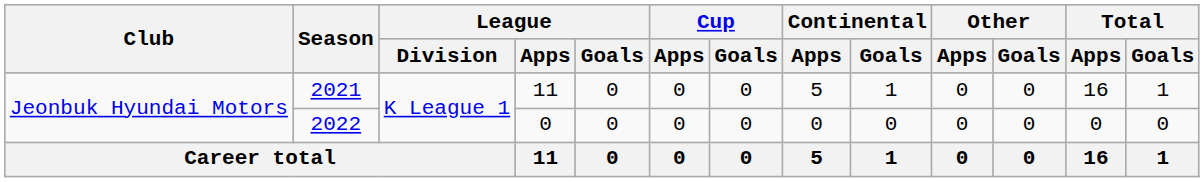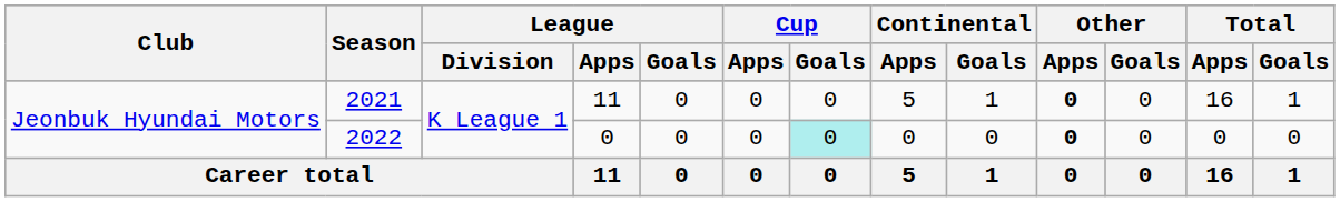 <table class="wikitable" style="text-align: center">
 <tr>
 <th rowspan="2">Club</th>
 <th rowspan="2">Season</th>
 <th colspan="3">League</th>
 <th colspan="2"><a href='#'>Cup</a></th>
 <th colspan="2">Continental</th>
 <th colspan="2">Other</th>
 <th colspan="2">Total</th>
 </tr>
 <tr>
 <th>Division</th>
 <th>Apps</th>
 <th>Goals</th>
 <th>Apps</th>
 <th>Goals</th>
 <th>Apps</th>
 <th>Goals</th>
 <th>Apps</th>
 <th>Goals</th>
 <th>Apps</th>
 <th>Goals</th>
 </tr>
 <tr>
 <td rowspan=2><a href='#'>Jeonbuk Hyundai Motors</a></td>
 <td><a href='#'>2021</a></td>
 <td rowspan=2><a href='#'>K League 1</a></td>
 <td>11</td>
 <td>0</td>
 <td>0</td>
 <td>0</td>
 <td>5</td>
 <td>1</td>
-<td>0</td>
+<td><strong>0</strong></td>
 <td>0</td>
 <td>16</td>
 <td>1</td>
 </tr>
 <tr>
 <td><a href='#'>2022</a></td>
 <td>0</td>
 <td>0</td>
 <td>0</td>
+<td style="background: paleturquoise;">0</td>
 <td>0</td>
 <td>0</td>
-<td>0</td>
-<td>0</td>
+<td><strong>0</strong></td>
 <td>0</td>
 <td>0</td>
 <td>0</td>
 </tr>
 <tr>
 <th colspan=3>Career total</th>
 <th>11</th>
 <th>0</th>
 <th>0</th>
 <th>0</th>
 <th>5</th>
 <th>1</th>
 <th>0</th>
 <th>0</th>
 <th>16</th>
 <th>1</th>
 </tr>
 </table>
